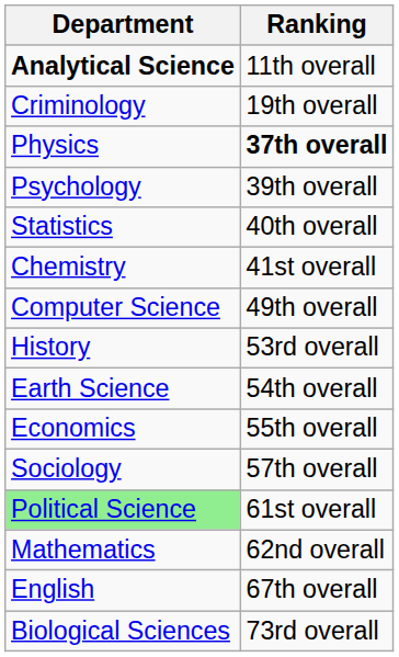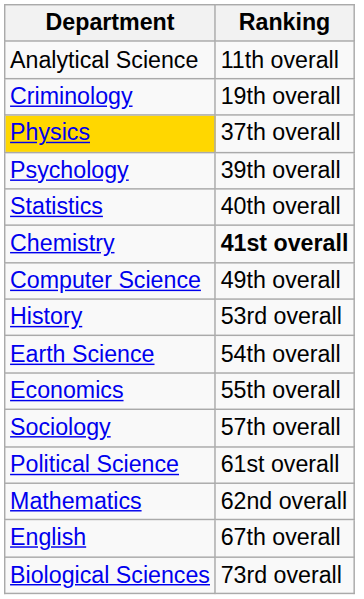 <table class="wikitable">
 <tr>
 <th>Department</th>
 <th>Ranking</th>
 </tr>
 <tr>
-<td><strong>Analytical Science</strong></td>
+<td>Analytical Science</td>
 <td>11th overall</td>
 </tr>
 <tr>
 <td><a href='#'>Criminology</a></td>
 <td>19th overall</td>
 </tr>
 <tr>
-<td><a href='#'>Physics</a></td>
-<td><strong>37th overall</strong></td>
+<td style="background: gold;"><a href='#'>Physics</a></td>
+<td>37th overall</td>
 </tr>
 <tr>
 <td><a href='#'>Psychology</a></td>
 <td>39th overall</td>
 </tr>
 <tr>
 <td><a href='#'>Statistics</a></td>
 <td>40th overall</td>
 </tr>
 <tr>
 <td><a href='#'>Chemistry</a></td>
-<td>41st overall</td>
+<td><strong>41st overall</strong></td>
 </tr>
 <tr>
 <td><a href='#'>Computer Science</a></td>
 <td>49th overall</td>
 </tr>
 <tr>
 <td><a href='#'>History</a></td>
 <td>53rd overall</td>
 </tr>
 <tr>
 <td><a href='#'>Earth Science</a></td>
 <td>54th overall</td>
 </tr>
 <tr>
 <td><a href='#'>Economics</a></td>
 <td>55th overall</td>
 </tr>
 <tr>
 <td><a href='#'>Sociology</a></td>
 <td>57th overall</td>
 </tr>
 <tr>
-<td style="background: lightgreen;"><a href='#'>Political Science</a></td>
+<td><a href='#'>Political Science</a></td>
 <td>61st overall</td>
 </tr>
 <tr>
 <td><a href='#'>Mathematics</a></td>
 <td>62nd overall</td>
 </tr>
 <tr>
 <td><a href='#'>English</a></td>
 <td>67th overall</td>
 </tr>
 <tr>
 <td><a href='#'>Biological Sciences</a></td>
 <td>73rd overall</td>
 </tr>
 </table>
